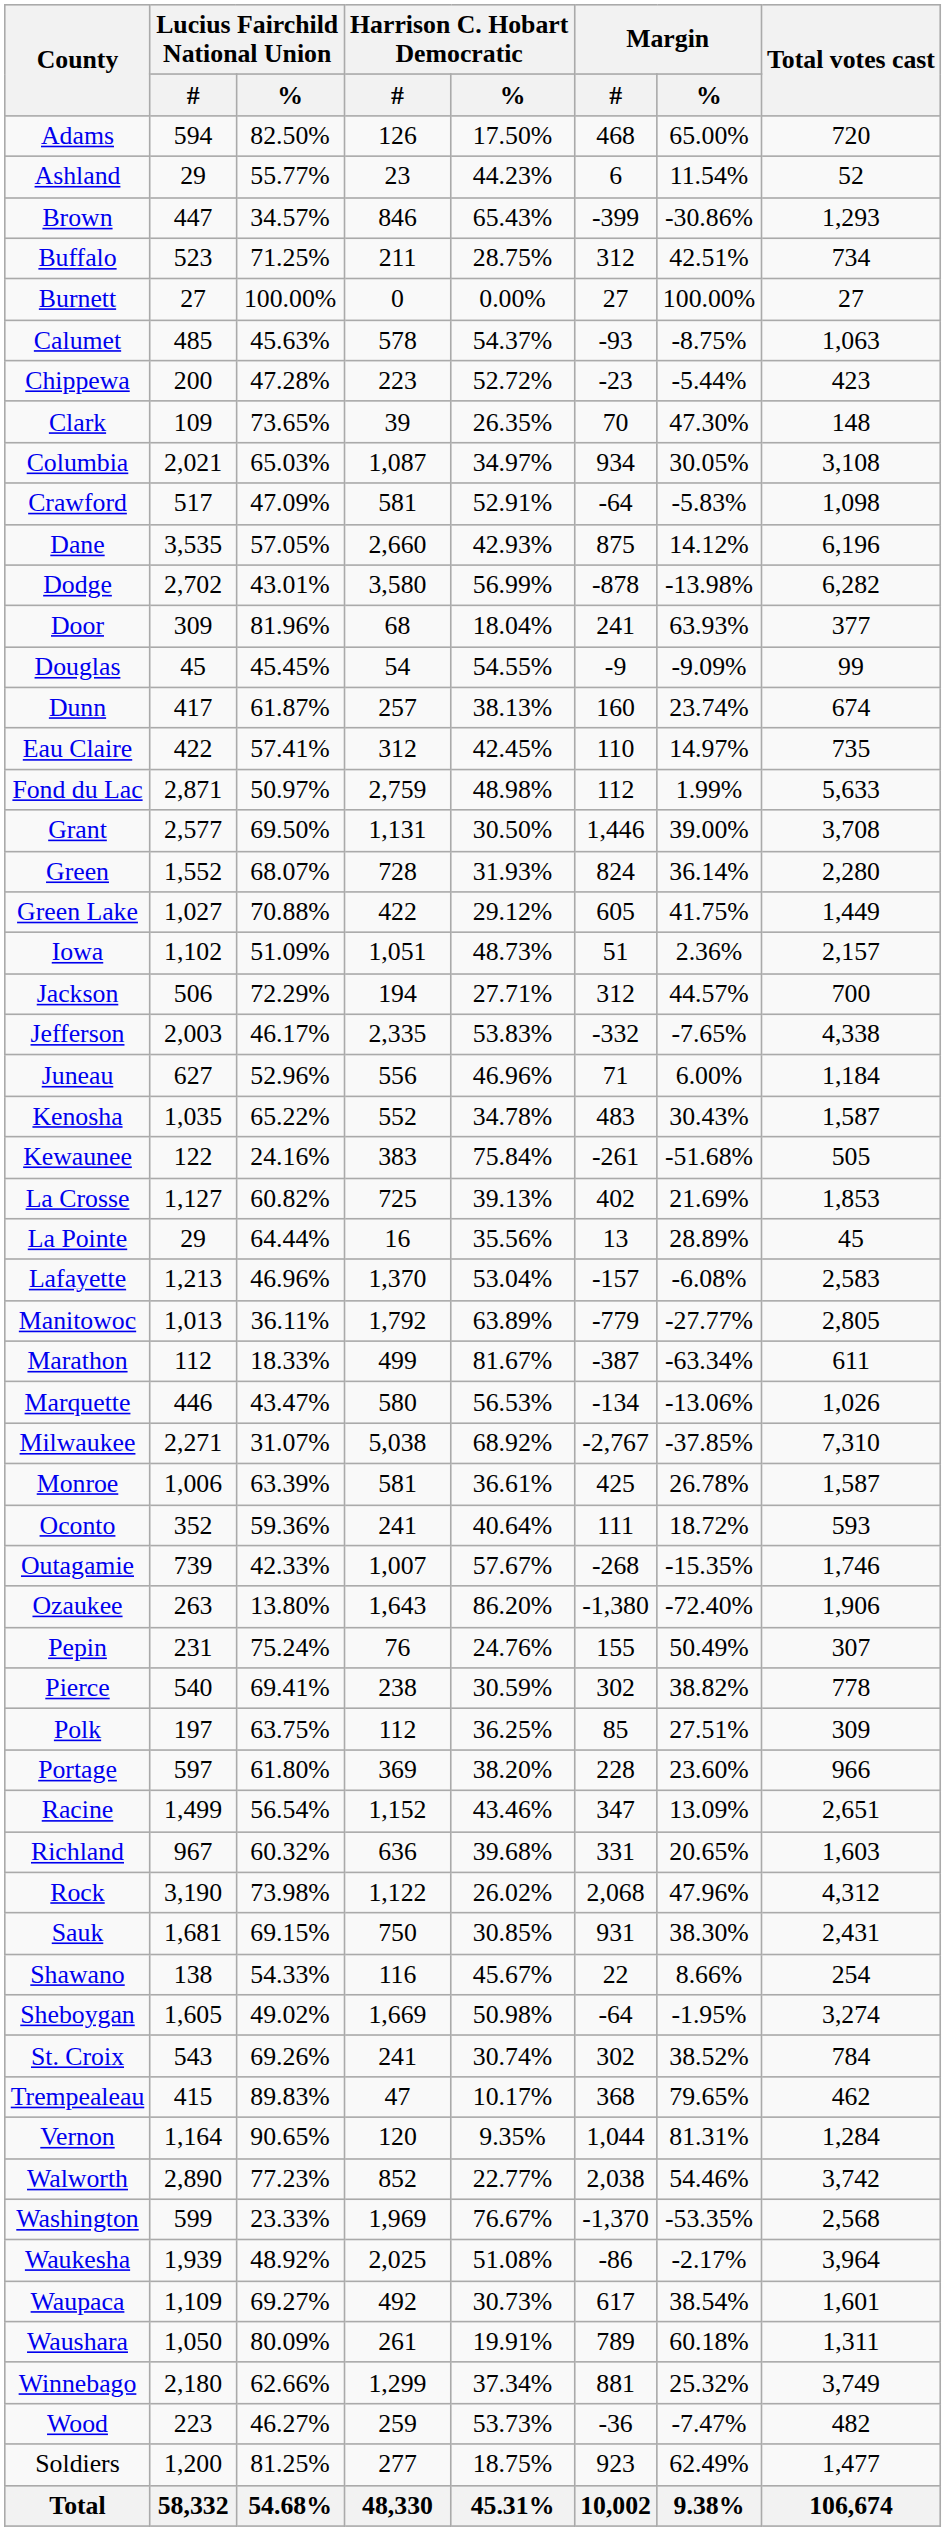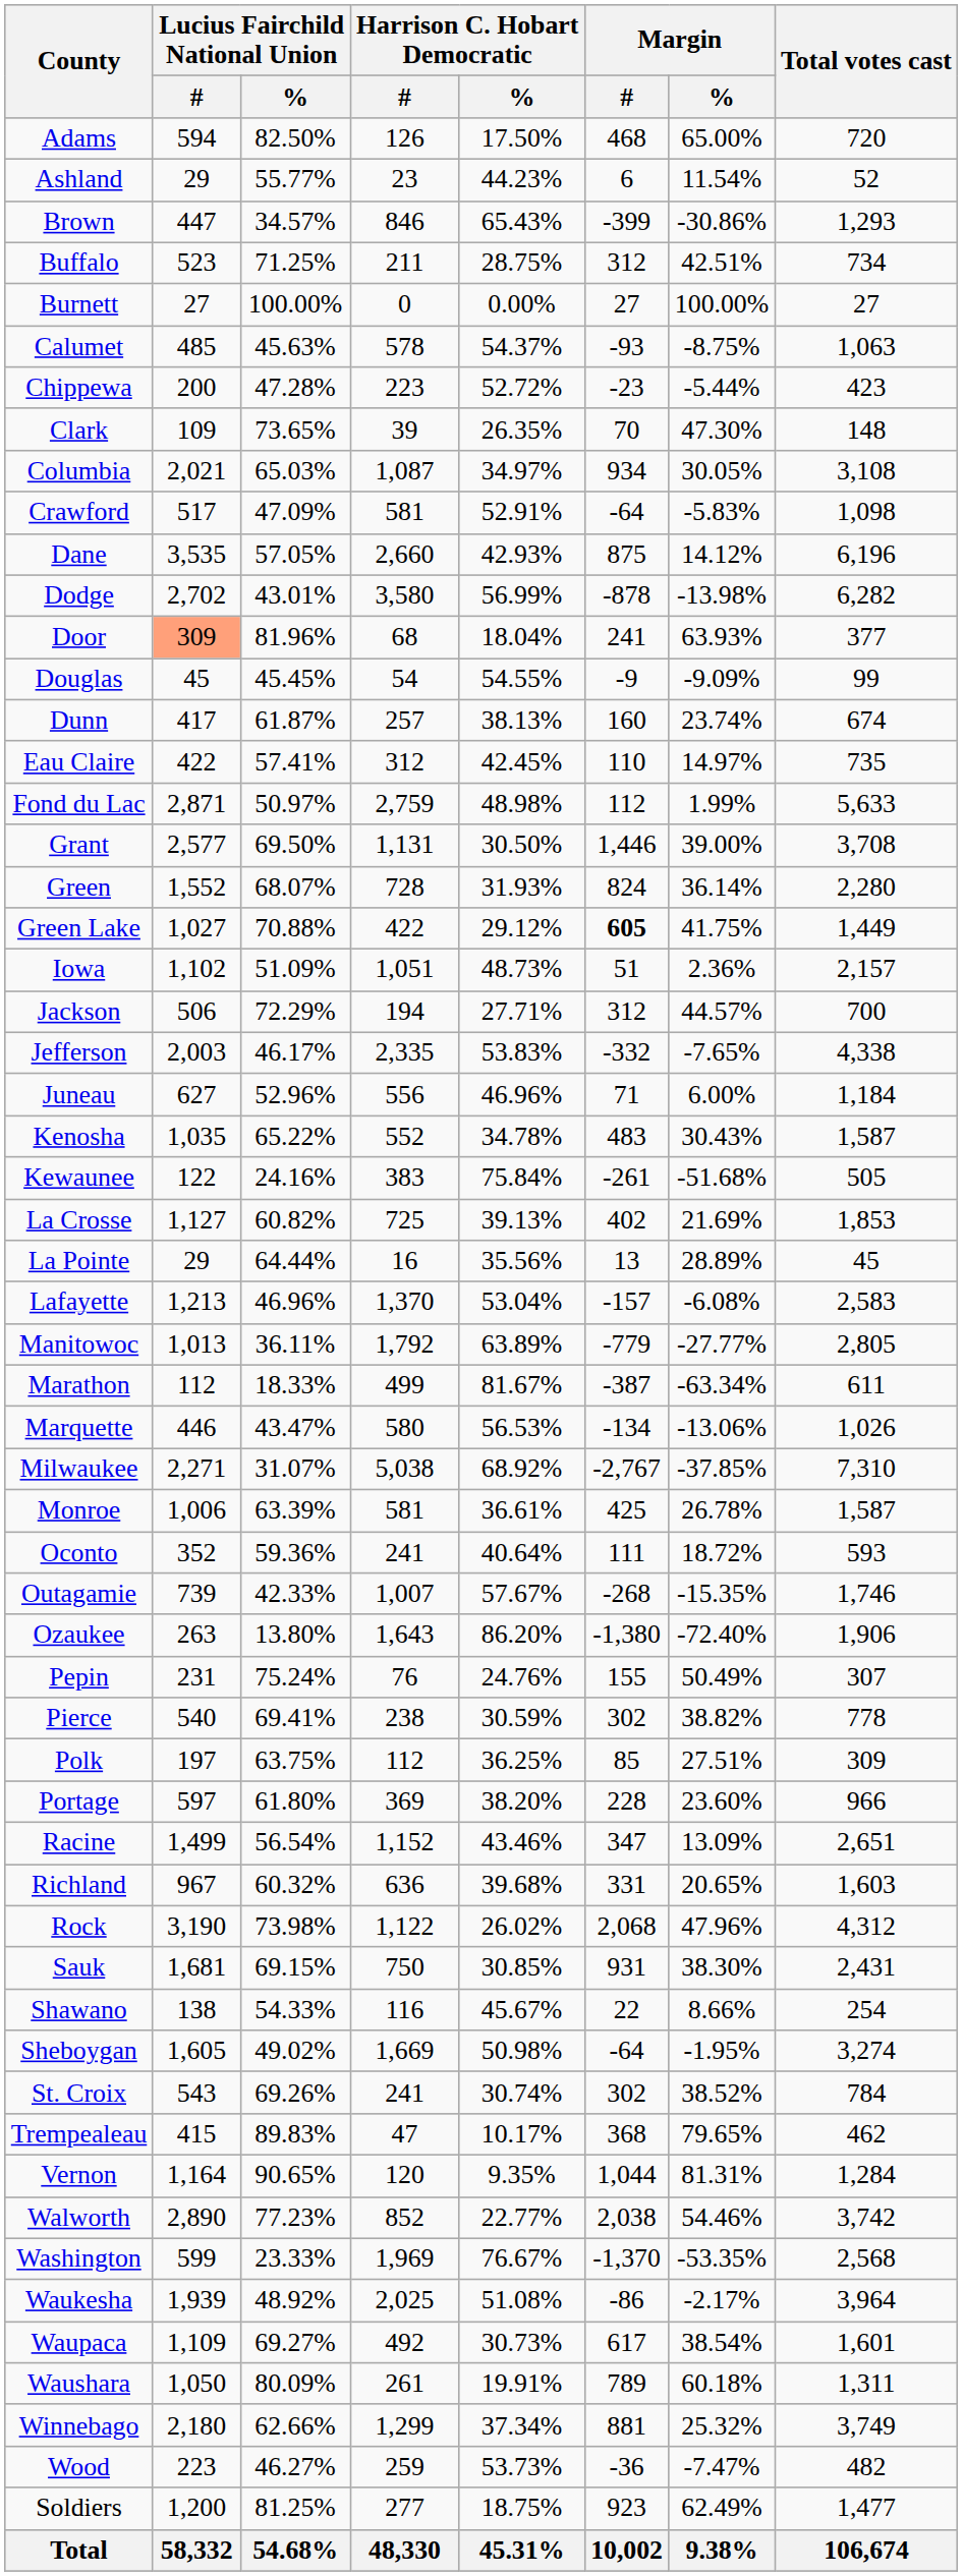 <table class="wikitable sortable" style="text-align:center">
 <tr>
 <th rowspan="2" style="text-align:center;">County</th>
 <th colspan="2" style="text-align:center;">Lucius Fairchild<br>National Union</th>
 <th colspan="2" style="text-align:center;">Harrison C. Hobart<br>Democratic</th>
 <th colspan="2" style="text-align:center;">Margin</th>
 <th rowspan="2" style="text-align:center;">Total votes cast</th>
 </tr>
 <tr>
 <th style="text-align:center;" data-sort-type="number">#</th>
 <th style="text-align:center;" data-sort-type="number">%</th>
 <th style="text-align:center;" data-sort-type="number">#</th>
 <th style="text-align:center;" data-sort-type="number">%</th>
 <th style="text-align:center;" data-sort-type="number">#</th>
 <th style="text-align:center;" data-sort-type="number">%</th>
 </tr>
 <tr style="text-align:center;">
 <td><a href='#'>Adams</a></td>
 <td>594</td>
 <td>82.50%</td>
 <td>126</td>
 <td>17.50%</td>
 <td>468</td>
 <td>65.00%</td>
 <td>720</td>
 </tr>
 <tr style="text-align:center;">
 <td><a href='#'>Ashland</a></td>
 <td>29</td>
 <td>55.77%</td>
 <td>23</td>
 <td>44.23%</td>
 <td>6</td>
 <td>11.54%</td>
 <td>52</td>
 </tr>
 <tr style="text-align:center;">
 <td><a href='#'>Brown</a></td>
 <td>447</td>
 <td>34.57%</td>
 <td>846</td>
 <td>65.43%</td>
 <td>-399</td>
 <td>-30.86%</td>
 <td>1,293</td>
 </tr>
 <tr style="text-align:center;">
 <td><a href='#'>Buffalo</a></td>
 <td>523</td>
 <td>71.25%</td>
 <td>211</td>
 <td>28.75%</td>
 <td>312</td>
 <td>42.51%</td>
 <td>734</td>
 </tr>
 <tr style="text-align:center;">
 <td><a href='#'>Burnett</a></td>
 <td>27</td>
 <td>100.00%</td>
 <td>0</td>
 <td>0.00%</td>
 <td>27</td>
 <td>100.00%</td>
 <td>27</td>
 </tr>
 <tr style="text-align:center;">
 <td><a href='#'>Calumet</a></td>
 <td>485</td>
 <td>45.63%</td>
 <td>578</td>
 <td>54.37%</td>
 <td>-93</td>
 <td>-8.75%</td>
 <td>1,063</td>
 </tr>
 <tr style="text-align:center;">
 <td><a href='#'>Chippewa</a></td>
 <td>200</td>
 <td>47.28%</td>
 <td>223</td>
 <td>52.72%</td>
 <td>-23</td>
 <td>-5.44%</td>
 <td>423</td>
 </tr>
 <tr style="text-align:center;">
 <td><a href='#'>Clark</a></td>
 <td>109</td>
 <td>73.65%</td>
 <td>39</td>
 <td>26.35%</td>
 <td>70</td>
 <td>47.30%</td>
 <td>148</td>
 </tr>
 <tr style="text-align:center;">
 <td><a href='#'>Columbia</a></td>
 <td>2,021</td>
 <td>65.03%</td>
 <td>1,087</td>
 <td>34.97%</td>
 <td>934</td>
 <td>30.05%</td>
 <td>3,108</td>
 </tr>
 <tr style="text-align:center;">
 <td><a href='#'>Crawford</a></td>
 <td>517</td>
 <td>47.09%</td>
 <td>581</td>
 <td>52.91%</td>
 <td>-64</td>
 <td>-5.83%</td>
 <td>1,098</td>
 </tr>
 <tr style="text-align:center;">
 <td><a href='#'>Dane</a></td>
 <td>3,535</td>
 <td>57.05%</td>
 <td>2,660</td>
 <td>42.93%</td>
 <td>875</td>
 <td>14.12%</td>
 <td>6,196</td>
 </tr>
 <tr style="text-align:center;">
 <td><a href='#'>Dodge</a></td>
 <td>2,702</td>
 <td>43.01%</td>
 <td>3,580</td>
 <td>56.99%</td>
 <td>-878</td>
 <td>-13.98%</td>
 <td>6,282</td>
 </tr>
 <tr style="text-align:center;">
 <td><a href='#'>Door</a></td>
-<td>309</td>
+<td style="background: lightsalmon;">309</td>
 <td>81.96%</td>
 <td>68</td>
 <td>18.04%</td>
 <td>241</td>
 <td>63.93%</td>
 <td>377</td>
 </tr>
 <tr style="text-align:center;">
 <td><a href='#'>Douglas</a></td>
 <td>45</td>
 <td>45.45%</td>
 <td>54</td>
 <td>54.55%</td>
 <td>-9</td>
 <td>-9.09%</td>
 <td>99</td>
 </tr>
 <tr style="text-align:center;">
 <td><a href='#'>Dunn</a></td>
 <td>417</td>
 <td>61.87%</td>
 <td>257</td>
 <td>38.13%</td>
 <td>160</td>
 <td>23.74%</td>
 <td>674</td>
 </tr>
 <tr style="text-align:center;">
 <td><a href='#'>Eau Claire</a></td>
 <td>422</td>
 <td>57.41%</td>
 <td>312</td>
 <td>42.45%</td>
 <td>110</td>
 <td>14.97%</td>
 <td>735</td>
 </tr>
 <tr style="text-align:center;">
 <td><a href='#'>Fond du Lac</a></td>
 <td>2,871</td>
 <td>50.97%</td>
 <td>2,759</td>
 <td>48.98%</td>
 <td>112</td>
 <td>1.99%</td>
 <td>5,633</td>
 </tr>
 <tr style="text-align:center;">
 <td><a href='#'>Grant</a></td>
 <td>2,577</td>
 <td>69.50%</td>
 <td>1,131</td>
 <td>30.50%</td>
 <td>1,446</td>
 <td>39.00%</td>
 <td>3,708</td>
 </tr>
 <tr style="text-align:center;">
 <td><a href='#'>Green</a></td>
 <td>1,552</td>
 <td>68.07%</td>
 <td>728</td>
 <td>31.93%</td>
 <td>824</td>
 <td>36.14%</td>
 <td>2,280</td>
 </tr>
 <tr style="text-align:center;">
 <td><a href='#'>Green Lake</a></td>
 <td>1,027</td>
 <td>70.88%</td>
 <td>422</td>
 <td>29.12%</td>
-<td>605</td>
+<td><strong>605</strong></td>
 <td>41.75%</td>
 <td>1,449</td>
 </tr>
 <tr style="text-align:center;">
 <td><a href='#'>Iowa</a></td>
 <td>1,102</td>
 <td>51.09%</td>
 <td>1,051</td>
 <td>48.73%</td>
 <td>51</td>
 <td>2.36%</td>
 <td>2,157</td>
 </tr>
 <tr style="text-align:center;">
 <td><a href='#'>Jackson</a></td>
 <td>506</td>
 <td>72.29%</td>
 <td>194</td>
 <td>27.71%</td>
 <td>312</td>
 <td>44.57%</td>
 <td>700</td>
 </tr>
 <tr style="text-align:center;">
 <td><a href='#'>Jefferson</a></td>
 <td>2,003</td>
 <td>46.17%</td>
 <td>2,335</td>
 <td>53.83%</td>
 <td>-332</td>
 <td>-7.65%</td>
 <td>4,338</td>
 </tr>
 <tr style="text-align:center;">
 <td><a href='#'>Juneau</a></td>
 <td>627</td>
 <td>52.96%</td>
 <td>556</td>
 <td>46.96%</td>
 <td>71</td>
 <td>6.00%</td>
 <td>1,184</td>
 </tr>
 <tr style="text-align:center;">
 <td><a href='#'>Kenosha</a></td>
 <td>1,035</td>
 <td>65.22%</td>
 <td>552</td>
 <td>34.78%</td>
 <td>483</td>
 <td>30.43%</td>
 <td>1,587</td>
 </tr>
 <tr style="text-align:center;">
 <td><a href='#'>Kewaunee</a></td>
 <td>122</td>
 <td>24.16%</td>
 <td>383</td>
 <td>75.84%</td>
 <td>-261</td>
 <td>-51.68%</td>
 <td>505</td>
 </tr>
 <tr style="text-align:center;">
 <td><a href='#'>La Crosse</a></td>
 <td>1,127</td>
 <td>60.82%</td>
 <td>725</td>
 <td>39.13%</td>
 <td>402</td>
 <td>21.69%</td>
 <td>1,853</td>
 </tr>
 <tr style="text-align:center;">
 <td><a href='#'>La Pointe</a></td>
 <td>29</td>
 <td>64.44%</td>
 <td>16</td>
 <td>35.56%</td>
 <td>13</td>
 <td>28.89%</td>
 <td>45</td>
 </tr>
 <tr style="text-align:center;">
 <td><a href='#'>Lafayette</a></td>
 <td>1,213</td>
 <td>46.96%</td>
 <td>1,370</td>
 <td>53.04%</td>
 <td>-157</td>
 <td>-6.08%</td>
 <td>2,583</td>
 </tr>
 <tr style="text-align:center;">
 <td><a href='#'>Manitowoc</a></td>
 <td>1,013</td>
 <td>36.11%</td>
 <td>1,792</td>
 <td>63.89%</td>
 <td>-779</td>
 <td>-27.77%</td>
 <td>2,805</td>
 </tr>
 <tr style="text-align:center;">
 <td><a href='#'>Marathon</a></td>
 <td>112</td>
 <td>18.33%</td>
 <td>499</td>
 <td>81.67%</td>
 <td>-387</td>
 <td>-63.34%</td>
 <td>611</td>
 </tr>
 <tr style="text-align:center;">
 <td><a href='#'>Marquette</a></td>
 <td>446</td>
 <td>43.47%</td>
 <td>580</td>
 <td>56.53%</td>
 <td>-134</td>
 <td>-13.06%</td>
 <td>1,026</td>
 </tr>
 <tr style="text-align:center;">
 <td><a href='#'>Milwaukee</a></td>
 <td>2,271</td>
 <td>31.07%</td>
 <td>5,038</td>
 <td>68.92%</td>
 <td>-2,767</td>
 <td>-37.85%</td>
 <td>7,310</td>
 </tr>
 <tr style="text-align:center;">
 <td><a href='#'>Monroe</a></td>
 <td>1,006</td>
 <td>63.39%</td>
 <td>581</td>
 <td>36.61%</td>
 <td>425</td>
 <td>26.78%</td>
 <td>1,587</td>
 </tr>
 <tr style="text-align:center;">
 <td><a href='#'>Oconto</a></td>
 <td>352</td>
 <td>59.36%</td>
 <td>241</td>
 <td>40.64%</td>
 <td>111</td>
 <td>18.72%</td>
 <td>593</td>
 </tr>
 <tr style="text-align:center;">
 <td><a href='#'>Outagamie</a></td>
 <td>739</td>
 <td>42.33%</td>
 <td>1,007</td>
 <td>57.67%</td>
 <td>-268</td>
 <td>-15.35%</td>
 <td>1,746</td>
 </tr>
 <tr style="text-align:center;">
 <td><a href='#'>Ozaukee</a></td>
 <td>263</td>
 <td>13.80%</td>
 <td>1,643</td>
 <td>86.20%</td>
 <td>-1,380</td>
 <td>-72.40%</td>
 <td>1,906</td>
 </tr>
 <tr style="text-align:center;">
 <td><a href='#'>Pepin</a></td>
 <td>231</td>
 <td>75.24%</td>
 <td>76</td>
 <td>24.76%</td>
 <td>155</td>
 <td>50.49%</td>
 <td>307</td>
 </tr>
 <tr style="text-align:center;">
 <td><a href='#'>Pierce</a></td>
 <td>540</td>
 <td>69.41%</td>
 <td>238</td>
 <td>30.59%</td>
 <td>302</td>
 <td>38.82%</td>
 <td>778</td>
 </tr>
 <tr style="text-align:center;">
 <td><a href='#'>Polk</a></td>
 <td>197</td>
 <td>63.75%</td>
 <td>112</td>
 <td>36.25%</td>
 <td>85</td>
 <td>27.51%</td>
 <td>309</td>
 </tr>
 <tr style="text-align:center;">
 <td><a href='#'>Portage</a></td>
 <td>597</td>
 <td>61.80%</td>
 <td>369</td>
 <td>38.20%</td>
 <td>228</td>
 <td>23.60%</td>
 <td>966</td>
 </tr>
 <tr style="text-align:center;">
 <td><a href='#'>Racine</a></td>
 <td>1,499</td>
 <td>56.54%</td>
 <td>1,152</td>
 <td>43.46%</td>
 <td>347</td>
 <td>13.09%</td>
 <td>2,651</td>
 </tr>
 <tr style="text-align:center;">
 <td><a href='#'>Richland</a></td>
 <td>967</td>
 <td>60.32%</td>
 <td>636</td>
 <td>39.68%</td>
 <td>331</td>
 <td>20.65%</td>
 <td>1,603</td>
 </tr>
 <tr style="text-align:center;">
 <td><a href='#'>Rock</a></td>
 <td>3,190</td>
 <td>73.98%</td>
 <td>1,122</td>
 <td>26.02%</td>
 <td>2,068</td>
 <td>47.96%</td>
 <td>4,312</td>
 </tr>
 <tr style="text-align:center;">
 <td><a href='#'>Sauk</a></td>
 <td>1,681</td>
 <td>69.15%</td>
 <td>750</td>
 <td>30.85%</td>
 <td>931</td>
 <td>38.30%</td>
 <td>2,431</td>
 </tr>
 <tr style="text-align:center;">
 <td><a href='#'>Shawano</a></td>
 <td>138</td>
 <td>54.33%</td>
 <td>116</td>
 <td>45.67%</td>
 <td>22</td>
 <td>8.66%</td>
 <td>254</td>
 </tr>
 <tr style="text-align:center;">
 <td><a href='#'>Sheboygan</a></td>
 <td>1,605</td>
 <td>49.02%</td>
 <td>1,669</td>
 <td>50.98%</td>
 <td>-64</td>
 <td>-1.95%</td>
 <td>3,274</td>
 </tr>
 <tr style="text-align:center;">
 <td><a href='#'>St. Croix</a></td>
 <td>543</td>
 <td>69.26%</td>
 <td>241</td>
 <td>30.74%</td>
 <td>302</td>
 <td>38.52%</td>
 <td>784</td>
 </tr>
 <tr style="text-align:center;">
 <td><a href='#'>Trempealeau</a></td>
 <td>415</td>
 <td>89.83%</td>
 <td>47</td>
 <td>10.17%</td>
 <td>368</td>
 <td>79.65%</td>
 <td>462</td>
 </tr>
 <tr style="text-align:center;">
 <td><a href='#'>Vernon</a></td>
 <td>1,164</td>
 <td>90.65%</td>
 <td>120</td>
 <td>9.35%</td>
 <td>1,044</td>
 <td>81.31%</td>
 <td>1,284</td>
 </tr>
 <tr style="text-align:center;">
 <td><a href='#'>Walworth</a></td>
 <td>2,890</td>
 <td>77.23%</td>
 <td>852</td>
 <td>22.77%</td>
 <td>2,038</td>
 <td>54.46%</td>
 <td>3,742</td>
 </tr>
 <tr style="text-align:center;">
 <td><a href='#'>Washington</a></td>
 <td>599</td>
 <td>23.33%</td>
 <td>1,969</td>
 <td>76.67%</td>
 <td>-1,370</td>
 <td>-53.35%</td>
 <td>2,568</td>
 </tr>
 <tr style="text-align:center;">
 <td><a href='#'>Waukesha</a></td>
 <td>1,939</td>
 <td>48.92%</td>
 <td>2,025</td>
 <td>51.08%</td>
 <td>-86</td>
 <td>-2.17%</td>
 <td>3,964</td>
 </tr>
 <tr style="text-align:center;">
 <td><a href='#'>Waupaca</a></td>
 <td>1,109</td>
 <td>69.27%</td>
 <td>492</td>
 <td>30.73%</td>
 <td>617</td>
 <td>38.54%</td>
 <td>1,601</td>
 </tr>
 <tr style="text-align:center;">
 <td><a href='#'>Waushara</a></td>
 <td>1,050</td>
 <td>80.09%</td>
 <td>261</td>
 <td>19.91%</td>
 <td>789</td>
 <td>60.18%</td>
 <td>1,311</td>
 </tr>
 <tr style="text-align:center;">
 <td><a href='#'>Winnebago</a></td>
 <td>2,180</td>
 <td>62.66%</td>
 <td>1,299</td>
 <td>37.34%</td>
 <td>881</td>
 <td>25.32%</td>
 <td>3,749</td>
 </tr>
 <tr style="text-align:center;">
 <td><a href='#'>Wood</a></td>
 <td>223</td>
 <td>46.27%</td>
 <td>259</td>
 <td>53.73%</td>
 <td>-36</td>
 <td>-7.47%</td>
 <td>482</td>
 </tr>
 <tr style="text-align:center;">
 <td>Soldiers</td>
 <td>1,200</td>
 <td>81.25%</td>
 <td>277</td>
 <td>18.75%</td>
 <td>923</td>
 <td>62.49%</td>
 <td>1,477</td>
 </tr>
 <tr>
 <th>Total</th>
 <th>58,332</th>
 <th>54.68%</th>
 <th>48,330</th>
 <th>45.31%</th>
 <th>10,002</th>
 <th>9.38%</th>
 <th>106,674</th>
 </tr>
 </table>
